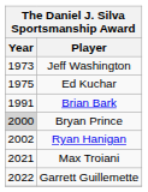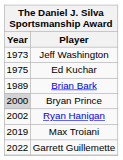 <table class="wikitable" style="display: inline-table; margin-right: 20px; text-align:center">
 <tr>
 <th scope="col" colspan="2" style="width: 145px;">The Daniel J. Silva Sportsmanship Award</th>
 </tr>
 <tr>
 <th scope="col">Year</th>
 <th scope="col">Player</th>
 </tr>
 <tr>
 <td>1973</td>
 <td>Jeff Washington</td>
 </tr>
 <tr>
 <td>1975</td>
 <td>Ed Kuchar</td>
 </tr>
 <tr>
-<td>1991</td>
+<td>1989</td>
 <td><a href='#'>Brian Bark</a></td>
 </tr>
 <tr>
 <td style="background: lightgrey;">2000</td>
 <td>Bryan Prince</td>
 </tr>
 <tr>
 <td>2002</td>
 <td><a href='#'>Ryan Hanigan</a></td>
 </tr>
 <tr>
-<td>2021</td>
+<td>2019</td>
 <td>Max Troiani</td>
 </tr>
 <tr>
 <td>2022</td>
 <td>Garrett Guillemette</td>
 </tr>
 <tr>
 </tr>
 </table>
